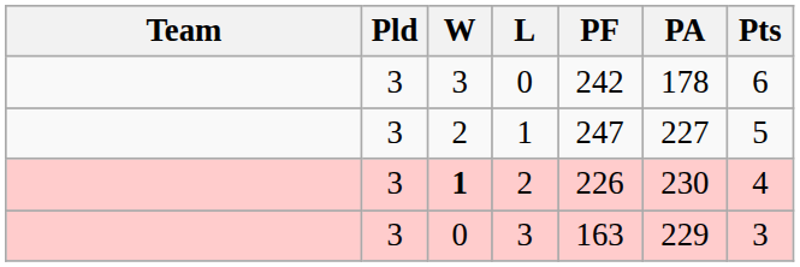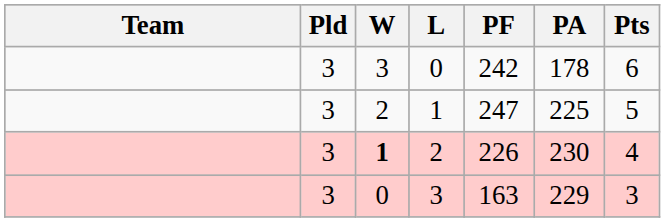 <table class="wikitable" style="text-align:center;">
 <tr>
 <th width=170>Team</th>
 <th width=25>Pld</th>
 <th width=25>W</th>
 <th width=25>L</th>
 <th width=35>PF</th>
 <th width=35>PA</th>
 <th width=25>Pts</th>
 </tr>
 <tr>
 <td align="left"></td>
 <td>3</td>
 <td>3</td>
 <td>0</td>
 <td>242</td>
 <td>178</td>
 <td>6</td>
 </tr>
 <tr>
 <td align="left"></td>
 <td>3</td>
 <td>2</td>
 <td>1</td>
 <td>247</td>
-<td>227</td>
+<td>225</td>
 <td>5</td>
 </tr>
 <tr bgcolor=#ffcccc>
 <td align="left"></td>
 <td>3</td>
 <td><strong>1</strong></td>
 <td>2</td>
 <td>226</td>
 <td>230</td>
 <td>4</td>
 </tr>
 <tr bgcolor=#ffcccc>
 <td align="left"></td>
 <td>3</td>
 <td>0</td>
 <td>3</td>
 <td>163</td>
 <td>229</td>
 <td>3</td>
 </tr>
 </table>
